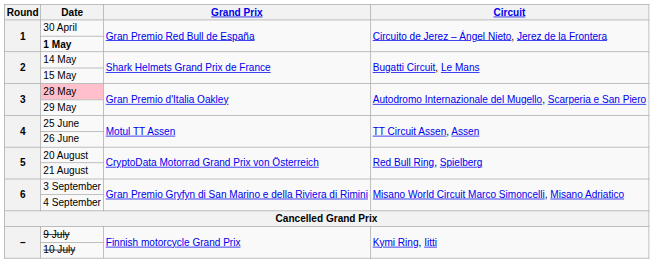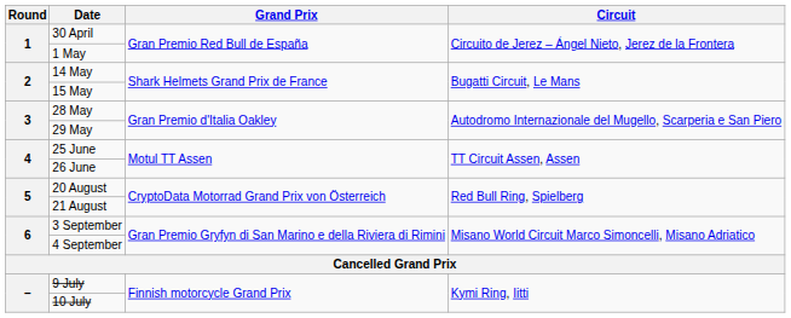 <table class="wikitable" style="font-size: 85%;">
 <tr>
 <th>Round</th>
 <th>Date</th>
 <th><a href='#'>Grand Prix</a></th>
 <th><a href='#'>Circuit</a></th>
 </tr>
 <tr>
 <th rowspan="2">1</th>
 <td>30 April</td>
 <td rowspan=2> <a href='#'>Gran Premio Red Bull de España</a></td>
 <td rowspan=2><a href='#'>Circuito de Jerez – Ángel Nieto</a>, <a href='#'>Jerez de la Frontera</a></td>
 </tr>
 <tr>
-<td><strong>1 May</strong></td>
+<td>1 May</td>
 </tr>
 <tr>
 <th rowspan="2">2</th>
 <td>14 May</td>
 <td rowspan=2> <a href='#'>Shark Helmets Grand Prix de France</a></td>
 <td rowspan=2><a href='#'>Bugatti Circuit</a>, <a href='#'>Le Mans</a></td>
 </tr>
 <tr>
 <td>15 May</td>
 </tr>
 <tr>
 <th rowspan="2">3</th>
-<td style="background: pink;">28 May</td>
+<td>28 May</td>
 <td rowspan=2> <a href='#'>Gran Premio d'Italia Oakley</a></td>
 <td nowrap rowspan=2><a href='#'>Autodromo Internazionale del Mugello</a>, <a href='#'>Scarperia e San Piero</a></td>
 </tr>
 <tr>
 <td>29 May</td>
 </tr>
 <tr>
 <th rowspan="2">4</th>
 <td>25 June</td>
 <td rowspan=2> <a href='#'>Motul TT Assen</a></td>
 <td rowspan=2><a href='#'>TT Circuit Assen</a>, <a href='#'>Assen</a></td>
 </tr>
 <tr>
 <td>26 June</td>
 </tr>
 <tr>
 <th rowspan="2">5</th>
 <td>20 August</td>
 <td rowspan=2> <a href='#'>CryptoData Motorrad Grand Prix von Österreich</a></td>
 <td rowspan=2><a href='#'>Red Bull Ring</a>, <a href='#'>Spielberg</a></td>
 </tr>
 <tr>
 <td>21 August</td>
 </tr>
 <tr>
 <th rowspan="2">6</th>
 <td nowrap>3 September</td>
 <td nowrap rowspan=2> <a href='#'>Gran Premio Gryfyn di San Marino e della Riviera di Rimini</a></td>
 <td rowspan=2><a href='#'>Misano World Circuit Marco Simoncelli</a>, <a href='#'>Misano Adriatico</a></td>
 </tr>
 <tr>
 <td>4 September</td>
 </tr>
 <tr>
 <th colspan="4">Cancelled Grand Prix</th>
 </tr>
 <tr>
 <th rowspan="2">–</th>
 <td><s>9 July</s></td>
 <td rowspan=2> <a href='#'>Finnish motorcycle Grand Prix</a></td>
 <td rowspan=2><a href='#'>Kymi Ring</a>, <a href='#'>Iitti</a></td>
 </tr>
 <tr>
 <td><s>10 July</s></td>
 </tr>
 </table>
